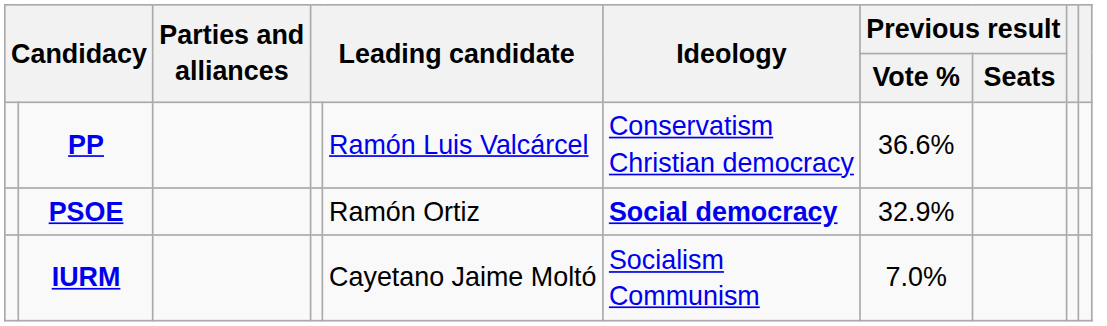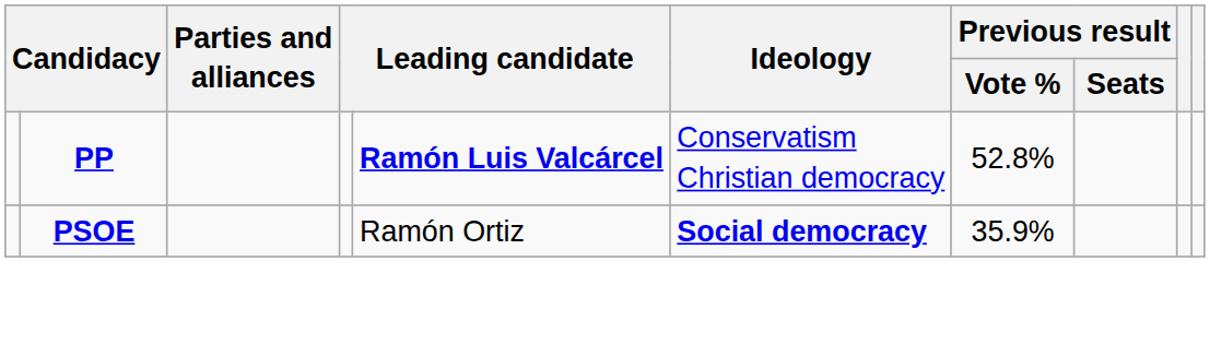 <table class="wikitable" style="line-height:1.35em; text-align:left;">
 <tr>
 <th colspan="2" rowspan="2">Candidacy</th>
 <th rowspan="2">Parties and<br>alliances</th>
 <th colspan="2" rowspan="2">Leading candidate</th>
 <th rowspan="2">Ideology</th>
 <th colspan="2">Previous result</th>
 <th rowspan="2"></th>
 <th rowspan="2"></th>
 </tr>
 <tr>
 <th>Vote %</th>
 <th>Seats</th>
 </tr>
 <tr>
 <td width="1" style="color:inherit;background:"></td>
 <td align="center"><strong><a href='#'>PP</a></strong></td>
 <td></td>
 <td></td>
-<td><a href='#'>Ramón Luis Valcárcel</a></td>
+<td><strong><a href='#'>Ramón Luis Valcárcel</a></strong></td>
 <td><a href='#'>Conservatism</a><br><a href='#'>Christian democracy</a></td>
-<td align="center">36.6%</td>
+<td align="center">52.8%</td>
 <td></td>
 <td></td>
 <td></td>
 </tr>
 <tr>
 <td style="color:inherit;background:"></td>
 <td align="center"><strong><a href='#'>PSOE</a></strong></td>
 <td></td>
 <td></td>
 <td>Ramón Ortiz</td>
 <td><strong><a href='#'>Social democracy</a></strong></td>
-<td align="center">32.9%</td>
-<td></td>
-<td></td>
-<td></td>
-</tr>
-<tr>
-<td style="color:inherit;background:"></td>
-<td align="center"><strong><a href='#'>IURM</a></strong></td>
-<td></td>
-<td></td>
-<td>Cayetano Jaime Moltó</td>
-<td><a href='#'>Socialism</a><br><a href='#'>Communism</a></td>
-<td align="center">7.0%</td>
+<td align="center">35.9%</td>
 <td></td>
 <td></td>
 <td></td>
 </tr>
 </table>
